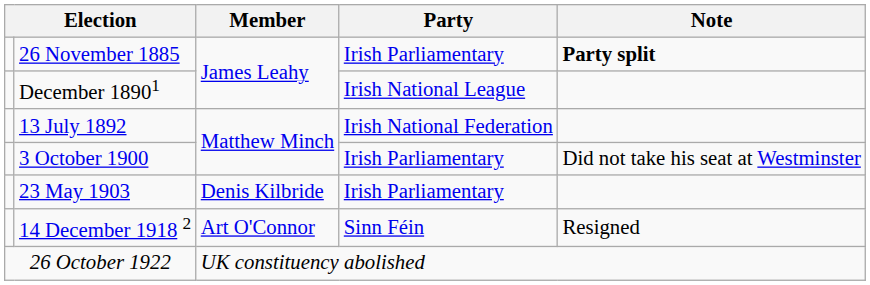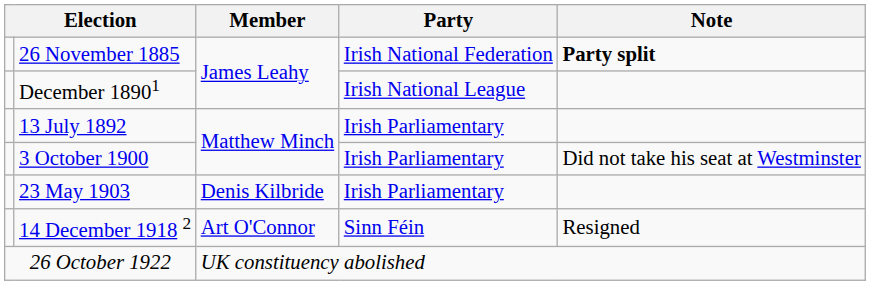 <table class="wikitable">
 <tr>
 <th colspan="2">Election</th>
 <th>Member</th>
 <th>Party</th>
 <th>Note</th>
 </tr>
 <tr>
 <td style="color:inherit;background-color: "></td>
 <td><a href='#'>26 November 1885</a></td>
 <td rowspan="2"><a href='#'>James Leahy</a></td>
-<td><a href='#'>Irish Parliamentary</a></td>
+<td><a href='#'>Irish National Federation</a></td>
 <td><strong>Party split</strong></td>
 </tr>
 <tr>
 <td style="color:inherit;background-color: "></td>
 <td>December 1890<sup>1</sup></td>
 <td><a href='#'>Irish National League</a></td>
 <td></td>
 </tr>
 <tr>
 <td style="color:inherit;background-color: "></td>
 <td><a href='#'>13 July 1892</a></td>
 <td rowspan="2"><a href='#'>Matthew Minch</a></td>
-<td><a href='#'>Irish National Federation</a></td>
+<td><a href='#'>Irish Parliamentary</a></td>
 <td></td>
 </tr>
 <tr>
 <td style="color:inherit;background-color: "></td>
 <td><a href='#'>3 October 1900</a></td>
 <td><a href='#'>Irish Parliamentary</a></td>
 <td>Did not take his seat at <a href='#'>Westminster</a></td>
 </tr>
 <tr>
 <td style="color:inherit;background-color: "></td>
 <td><a href='#'>23 May 1903</a></td>
 <td><a href='#'>Denis Kilbride</a></td>
 <td><a href='#'>Irish Parliamentary</a></td>
 <td></td>
 </tr>
 <tr>
 <td style="color:inherit;background-color: "></td>
 <td><a href='#'>14 December 1918</a> <sup>2</sup></td>
 <td><a href='#'>Art O'Connor</a></td>
 <td><a href='#'>Sinn Féin</a></td>
 <td>Resigned</td>
 </tr>
 <tr>
 <td colspan="2" align="center"><em>26 October 1922</em></td>
 <td colspan="3"><em>UK constituency abolished</em></td>
 </tr>
 </table>
